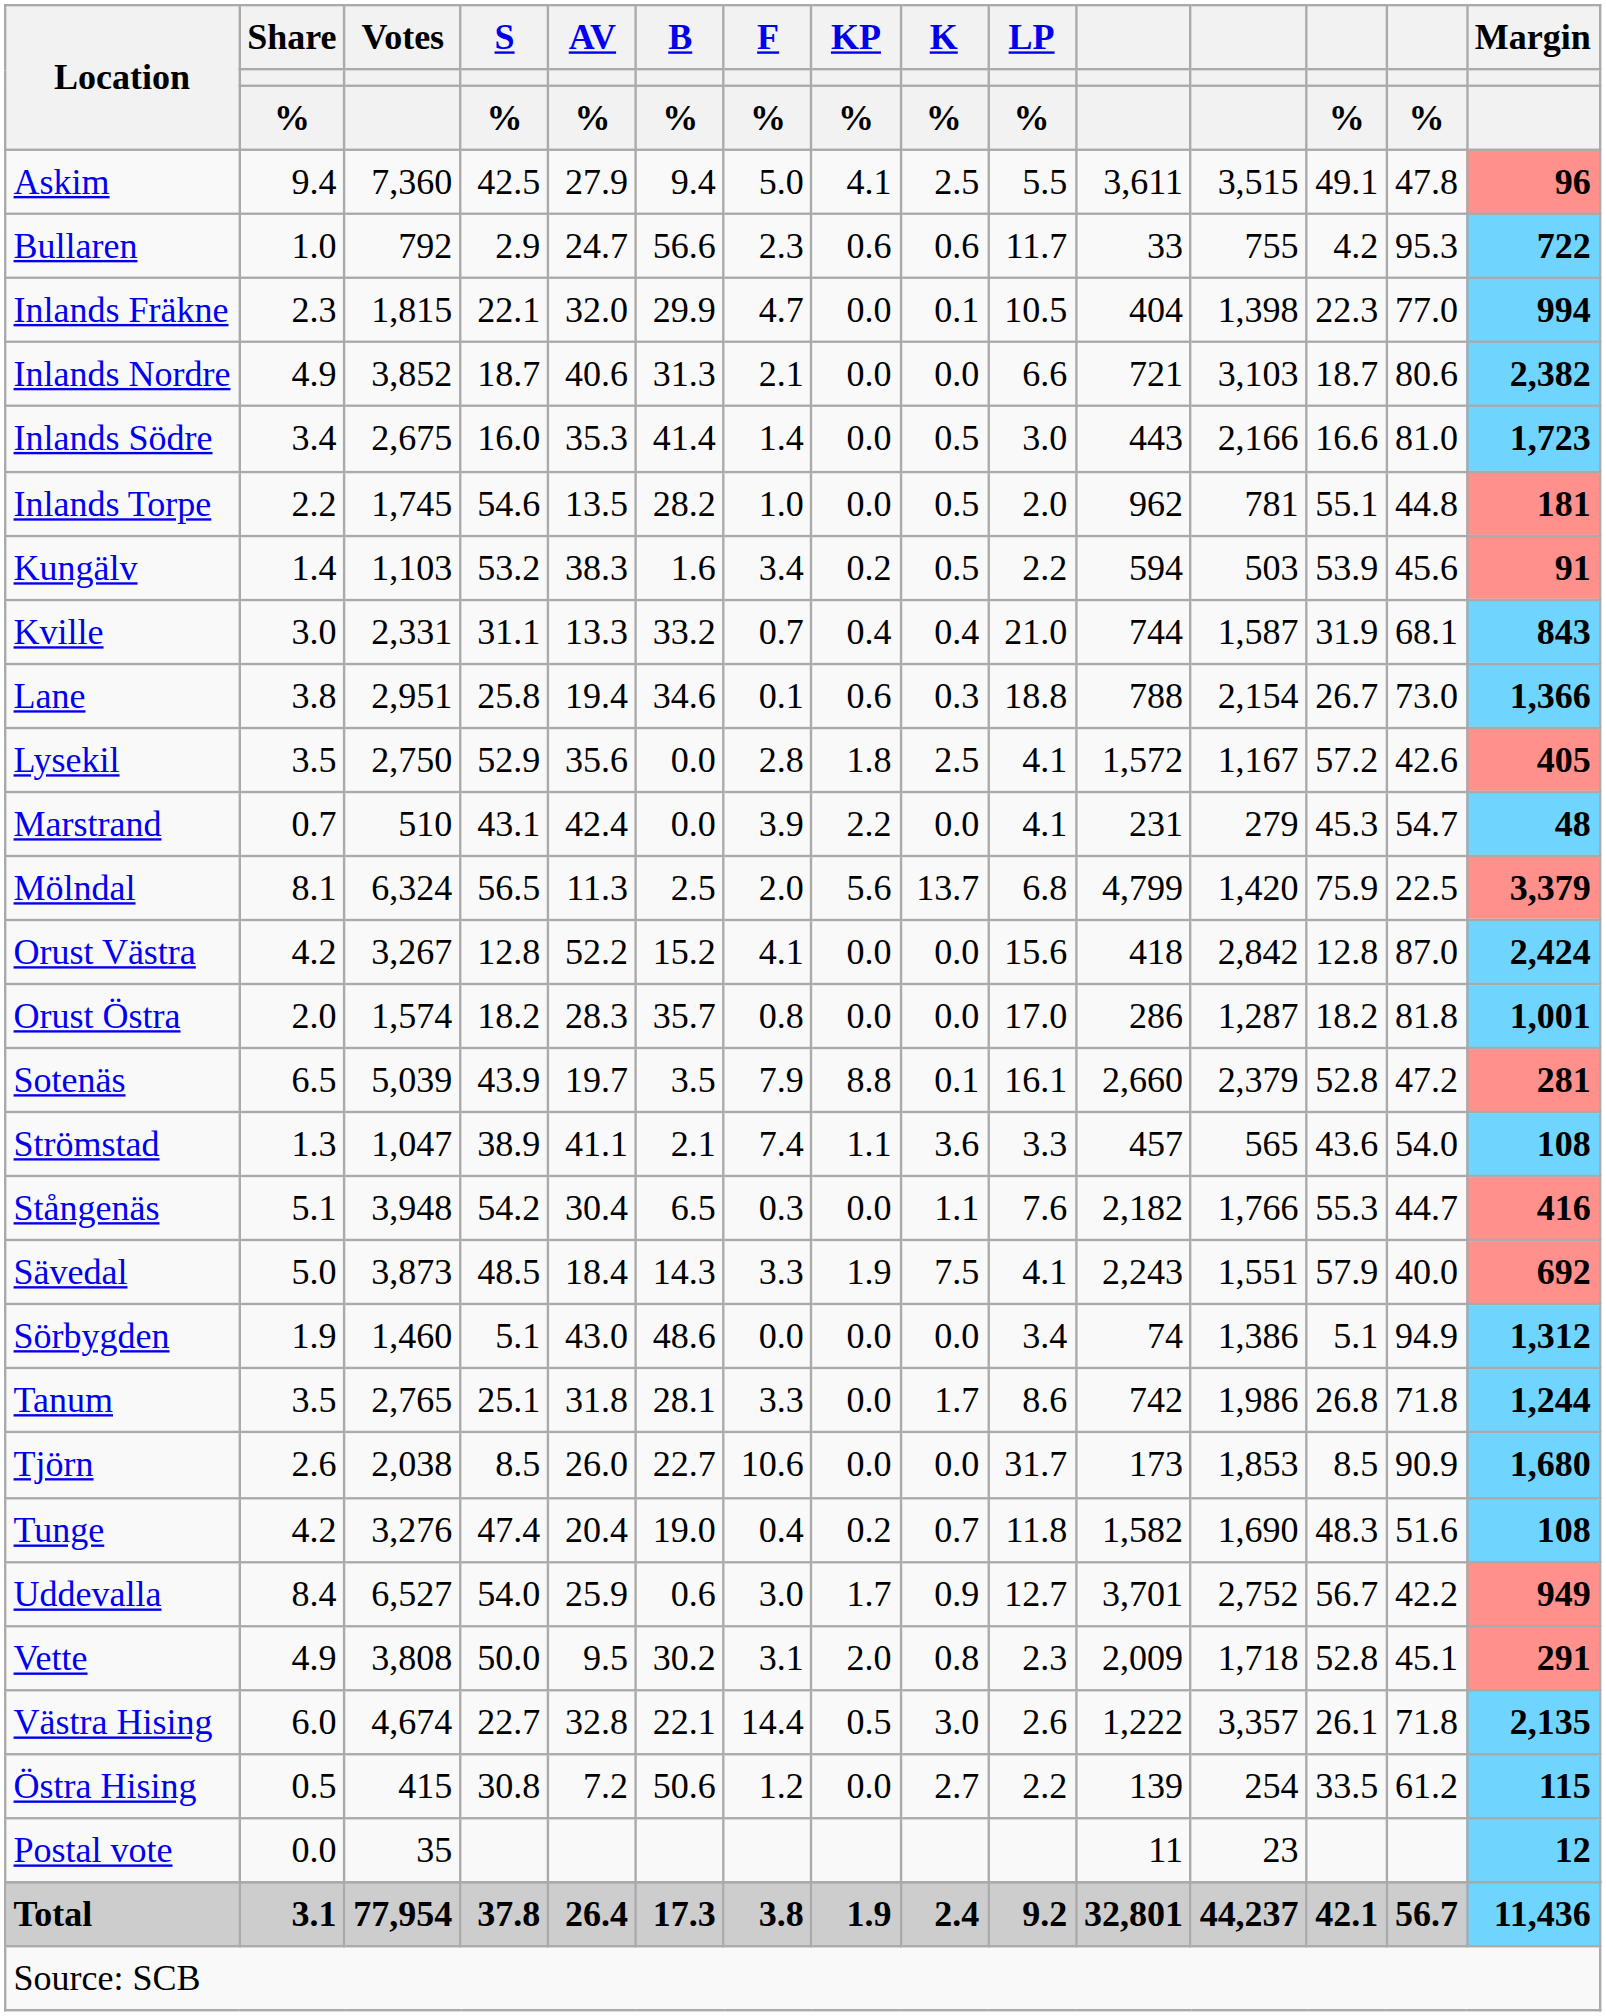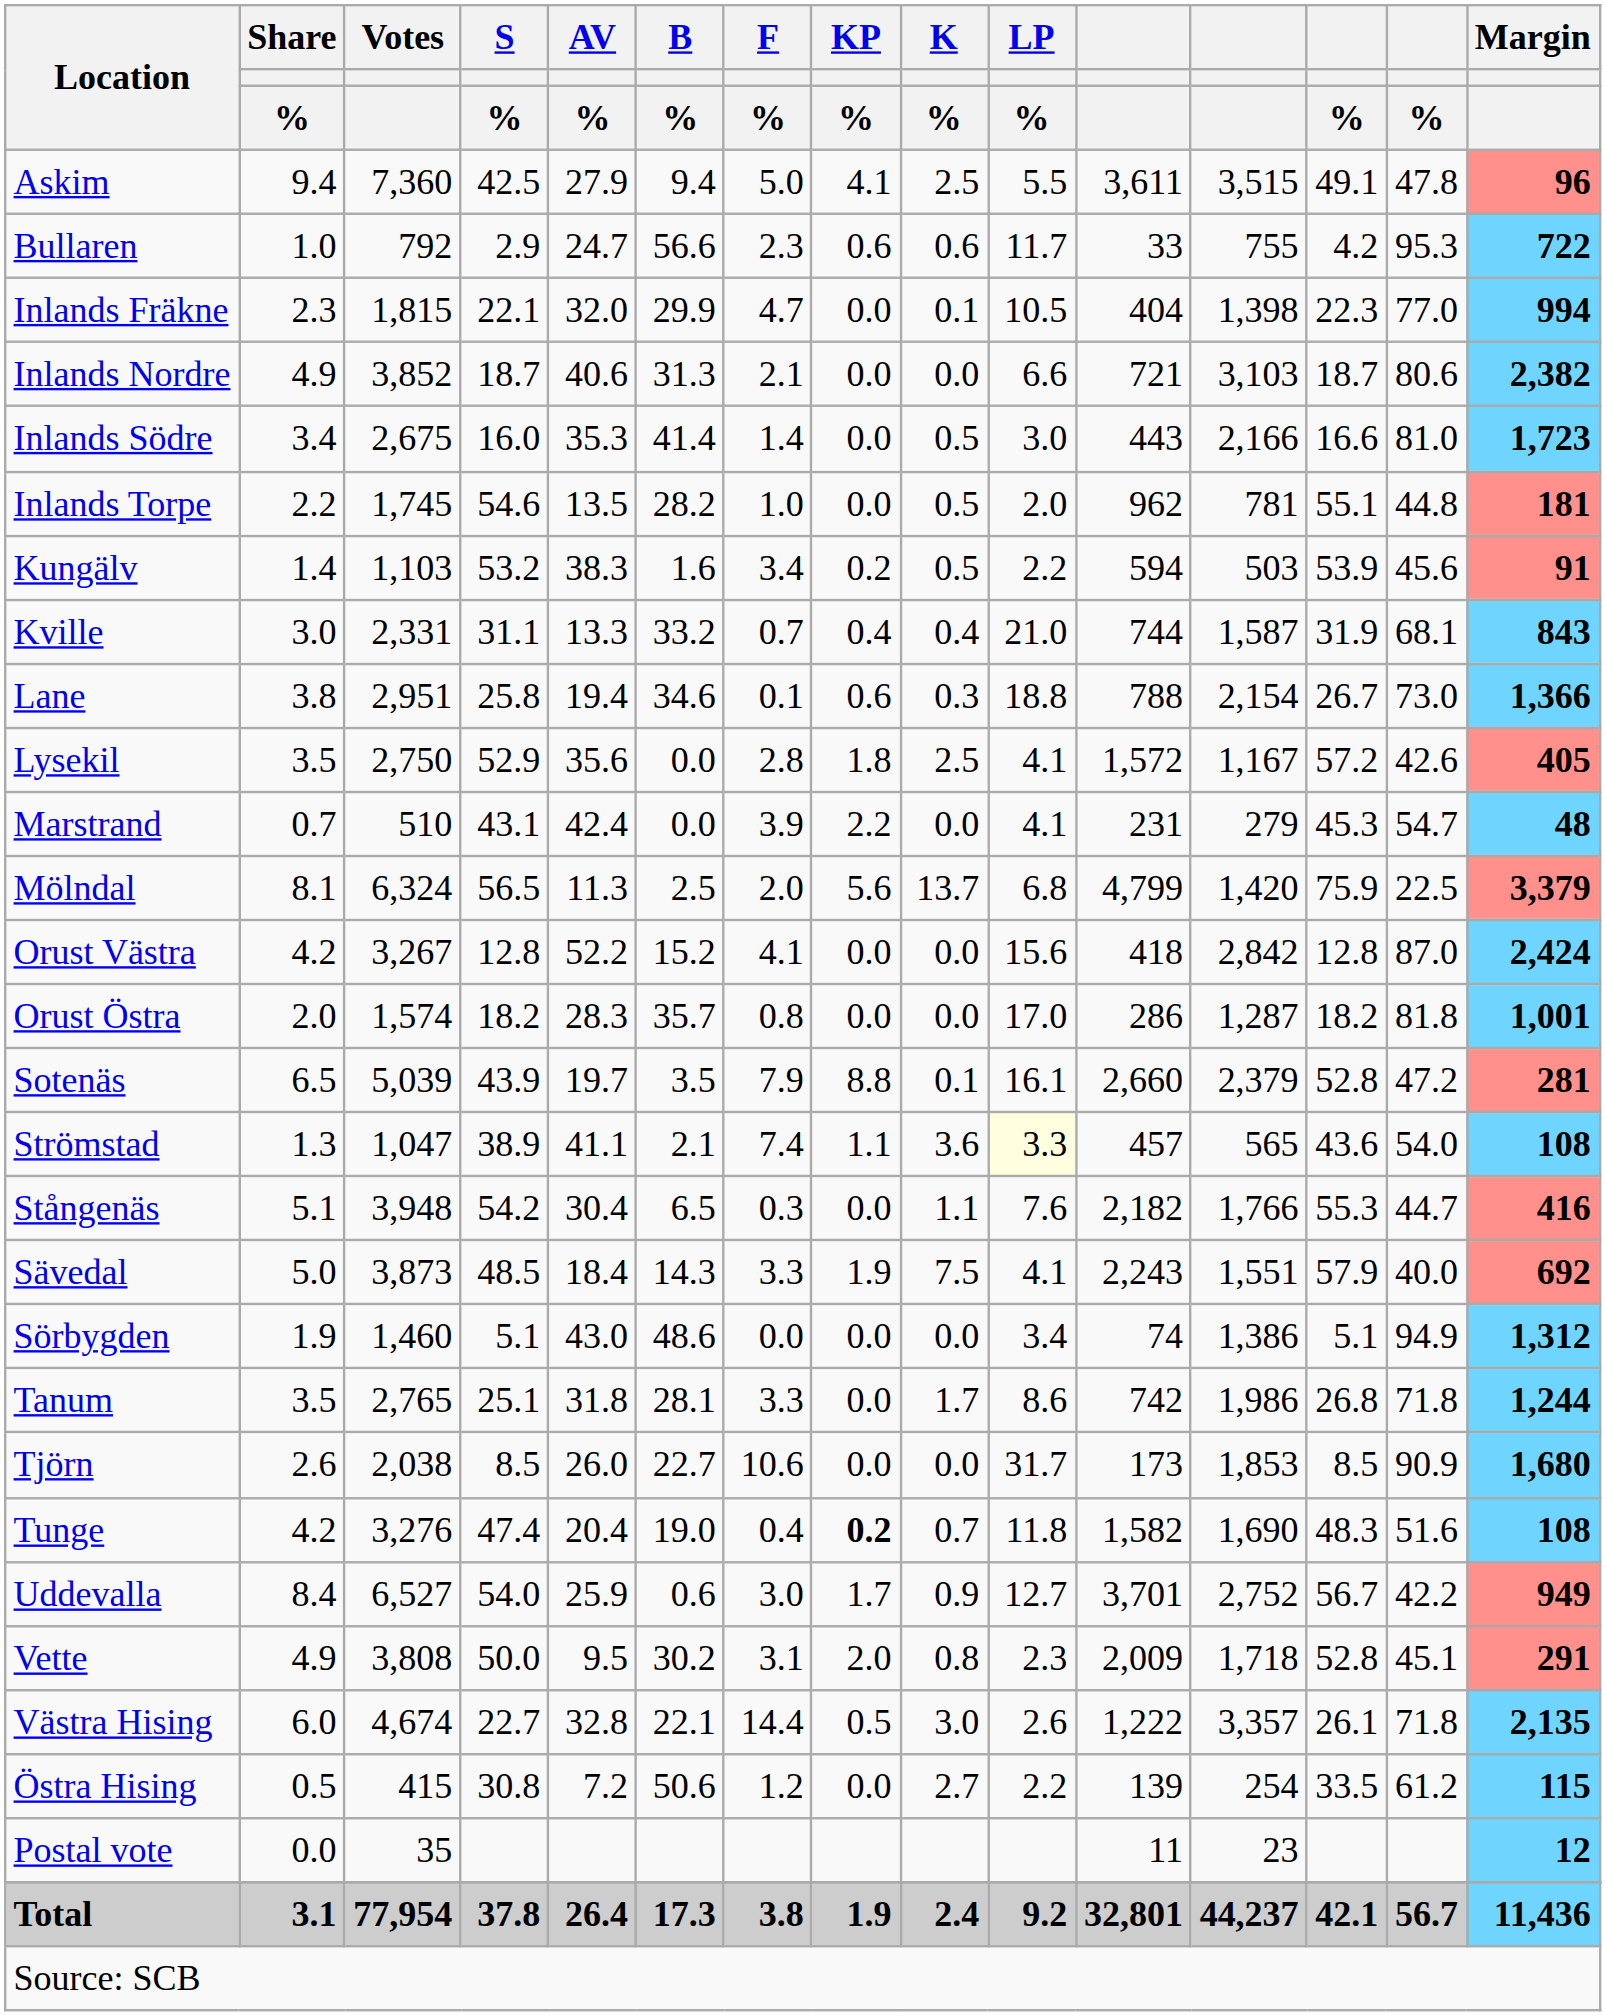 <table class="wikitable sortable" style="text-align:right; font-size:95%; line-height:20px;">
 <tr>
 <th rowspan="3">Location</th>
 <th>Share</th>
 <th>Votes</th>
 <th width="30px" class="unsortable"><a href='#'>S</a></th>
 <th width="30px" class="unsortable"><a href='#'>AV</a></th>
 <th width="30px" class="unsortable"><a href='#'>B</a></th>
 <th width="30px" class="unsortable"><a href='#'>F</a></th>
 <th width="30px" class="unsortable"><a href='#'>KP</a></th>
 <th width="30px" class="unsortable"><a href='#'>K</a></th>
 <th width="30px" class="unsortable"><a href='#'>LP</a></th>
 <th></th>
 <th></th>
 <th></th>
 <th></th>
 <th>Margin</th>
 </tr>
 <tr>
 <th></th>
 <th></th>
 <th style="background:"></th>
 <th style="background:"></th>
 <th style="background:"></th>
 <th style="background:"></th>
 <th style="background:"></th>
 <th style="background:"></th>
 <th style="background:"></th>
 <th style="background:"></th>
 <th style="background:"></th>
 <th style="background:"></th>
 <th style="background:"></th>
 <th></th>
 </tr>
 <tr>
 <th data-sort-type="number">%</th>
 <th></th>
 <th data-sort-type="number">%</th>
 <th data-sort-type="number">%</th>
 <th data-sort-type="number">%</th>
 <th data-sort-type="number">%</th>
 <th data-sort-type="number">%</th>
 <th data-sort-type="number">%</th>
 <th data-sort-type="number">%</th>
 <th></th>
 <th></th>
 <th data-sort-type="number">%</th>
 <th data-sort-type="number">%</th>
 <th></th>
 </tr>
 <tr>
 <td align=left><a href='#'>Askim</a></td>
 <td>9.4</td>
 <td>7,360</td>
 <td>42.5</td>
 <td>27.9</td>
 <td>9.4</td>
 <td>5.0</td>
 <td>4.1</td>
 <td>2.5</td>
 <td>5.5</td>
 <td>3,611</td>
 <td>3,515</td>
 <td>49.1</td>
 <td>47.8</td>
 <td bgcolor=#ff908c><strong>96</strong></td>
 </tr>
 <tr>
 <td align=left><a href='#'>Bullaren</a></td>
 <td>1.0</td>
 <td>792</td>
 <td>2.9</td>
 <td>24.7</td>
 <td>56.6</td>
 <td>2.3</td>
 <td>0.6</td>
 <td>0.6</td>
 <td>11.7</td>
 <td>33</td>
 <td>755</td>
 <td>4.2</td>
 <td>95.3</td>
 <td bgcolor=#6fd5fe><strong>722</strong></td>
 </tr>
 <tr>
 <td align=left><a href='#'>Inlands Fräkne</a></td>
 <td>2.3</td>
 <td>1,815</td>
 <td>22.1</td>
 <td>32.0</td>
 <td>29.9</td>
 <td>4.7</td>
 <td>0.0</td>
 <td>0.1</td>
 <td>10.5</td>
 <td>404</td>
 <td>1,398</td>
 <td>22.3</td>
 <td>77.0</td>
 <td bgcolor=#6fd5fe><strong>994</strong></td>
 </tr>
 <tr>
 <td align=left><a href='#'>Inlands Nordre</a></td>
 <td>4.9</td>
 <td>3,852</td>
 <td>18.7</td>
 <td>40.6</td>
 <td>31.3</td>
 <td>2.1</td>
 <td>0.0</td>
 <td>0.0</td>
 <td>6.6</td>
 <td>721</td>
 <td>3,103</td>
 <td>18.7</td>
 <td>80.6</td>
 <td bgcolor=#6fd5fe><strong>2,382</strong></td>
 </tr>
 <tr>
 <td align=left><a href='#'>Inlands Södre</a></td>
 <td>3.4</td>
 <td>2,675</td>
 <td>16.0</td>
 <td>35.3</td>
 <td>41.4</td>
 <td>1.4</td>
 <td>0.0</td>
 <td>0.5</td>
 <td>3.0</td>
 <td>443</td>
 <td>2,166</td>
 <td>16.6</td>
 <td>81.0</td>
 <td bgcolor=#6fd5fe><strong>1,723</strong></td>
 </tr>
 <tr>
 <td align=left><a href='#'>Inlands Torpe</a></td>
 <td>2.2</td>
 <td>1,745</td>
 <td>54.6</td>
 <td>13.5</td>
 <td>28.2</td>
 <td>1.0</td>
 <td>0.0</td>
 <td>0.5</td>
 <td>2.0</td>
 <td>962</td>
 <td>781</td>
 <td>55.1</td>
 <td>44.8</td>
 <td bgcolor=#ff908c><strong>181</strong></td>
 </tr>
 <tr>
 <td align=left><a href='#'>Kungälv</a></td>
 <td>1.4</td>
 <td>1,103</td>
 <td>53.2</td>
 <td>38.3</td>
 <td>1.6</td>
 <td>3.4</td>
 <td>0.2</td>
 <td>0.5</td>
 <td>2.2</td>
 <td>594</td>
 <td>503</td>
 <td>53.9</td>
 <td>45.6</td>
 <td bgcolor=#ff908c><strong>91</strong></td>
 </tr>
 <tr>
 <td align=left><a href='#'>Kville</a></td>
 <td>3.0</td>
 <td>2,331</td>
 <td>31.1</td>
 <td>13.3</td>
 <td>33.2</td>
 <td>0.7</td>
 <td>0.4</td>
 <td>0.4</td>
 <td>21.0</td>
 <td>744</td>
 <td>1,587</td>
 <td>31.9</td>
 <td>68.1</td>
 <td bgcolor=#6fd5fe><strong>843</strong></td>
 </tr>
 <tr>
 <td align=left><a href='#'>Lane</a></td>
 <td>3.8</td>
 <td>2,951</td>
 <td>25.8</td>
 <td>19.4</td>
 <td>34.6</td>
 <td>0.1</td>
 <td>0.6</td>
 <td>0.3</td>
 <td>18.8</td>
 <td>788</td>
 <td>2,154</td>
 <td>26.7</td>
 <td>73.0</td>
 <td bgcolor=#6fd5fe><strong>1,366</strong></td>
 </tr>
 <tr>
 <td align=left><a href='#'>Lysekil</a></td>
 <td>3.5</td>
 <td>2,750</td>
 <td>52.9</td>
 <td>35.6</td>
 <td>0.0</td>
 <td>2.8</td>
 <td>1.8</td>
 <td>2.5</td>
 <td>4.1</td>
 <td>1,572</td>
 <td>1,167</td>
 <td>57.2</td>
 <td>42.6</td>
 <td bgcolor=#ff908c><strong>405</strong></td>
 </tr>
 <tr>
 <td align=left><a href='#'>Marstrand</a></td>
 <td>0.7</td>
 <td>510</td>
 <td>43.1</td>
 <td>42.4</td>
 <td>0.0</td>
 <td>3.9</td>
 <td>2.2</td>
 <td>0.0</td>
 <td>4.1</td>
 <td>231</td>
 <td>279</td>
 <td>45.3</td>
 <td>54.7</td>
 <td bgcolor=#6fd5fe><strong>48</strong></td>
 </tr>
 <tr>
 <td align=left><a href='#'>Mölndal</a></td>
 <td>8.1</td>
 <td>6,324</td>
 <td>56.5</td>
 <td>11.3</td>
 <td>2.5</td>
 <td>2.0</td>
 <td>5.6</td>
 <td>13.7</td>
 <td>6.8</td>
 <td>4,799</td>
 <td>1,420</td>
 <td>75.9</td>
 <td>22.5</td>
 <td bgcolor=#ff908c><strong>3,379</strong></td>
 </tr>
 <tr>
 <td align=left><a href='#'>Orust Västra</a></td>
 <td>4.2</td>
 <td>3,267</td>
 <td>12.8</td>
 <td>52.2</td>
 <td>15.2</td>
 <td>4.1</td>
 <td>0.0</td>
 <td>0.0</td>
 <td>15.6</td>
 <td>418</td>
 <td>2,842</td>
 <td>12.8</td>
 <td>87.0</td>
 <td bgcolor=#6fd5fe><strong>2,424</strong></td>
 </tr>
 <tr>
 <td align=left><a href='#'>Orust Östra</a></td>
 <td>2.0</td>
 <td>1,574</td>
 <td>18.2</td>
 <td>28.3</td>
 <td>35.7</td>
 <td>0.8</td>
 <td>0.0</td>
 <td>0.0</td>
 <td>17.0</td>
 <td>286</td>
 <td>1,287</td>
 <td>18.2</td>
 <td>81.8</td>
 <td bgcolor=#6fd5fe><strong>1,001</strong></td>
 </tr>
 <tr>
 <td align=left><a href='#'>Sotenäs</a></td>
 <td>6.5</td>
 <td>5,039</td>
 <td>43.9</td>
 <td>19.7</td>
 <td>3.5</td>
 <td>7.9</td>
 <td>8.8</td>
 <td>0.1</td>
 <td>16.1</td>
 <td>2,660</td>
 <td>2,379</td>
 <td>52.8</td>
 <td>47.2</td>
 <td bgcolor=#ff908c><strong>281</strong></td>
 </tr>
 <tr>
 <td align=left><a href='#'>Strömstad</a></td>
 <td>1.3</td>
 <td>1,047</td>
 <td>38.9</td>
 <td>41.1</td>
 <td>2.1</td>
 <td>7.4</td>
 <td>1.1</td>
 <td>3.6</td>
-<td>3.3</td>
+<td style="background: lightyellow;">3.3</td>
 <td>457</td>
 <td>565</td>
 <td>43.6</td>
 <td>54.0</td>
 <td bgcolor=#6fd5fe><strong>108</strong></td>
 </tr>
 <tr>
 <td align=left><a href='#'>Stångenäs</a></td>
 <td>5.1</td>
 <td>3,948</td>
 <td>54.2</td>
 <td>30.4</td>
 <td>6.5</td>
 <td>0.3</td>
 <td>0.0</td>
 <td>1.1</td>
 <td>7.6</td>
 <td>2,182</td>
 <td>1,766</td>
 <td>55.3</td>
 <td>44.7</td>
 <td bgcolor=#ff908c><strong>416</strong></td>
 </tr>
 <tr>
 <td align=left><a href='#'>Sävedal</a></td>
 <td>5.0</td>
 <td>3,873</td>
 <td>48.5</td>
 <td>18.4</td>
 <td>14.3</td>
 <td>3.3</td>
 <td>1.9</td>
 <td>7.5</td>
 <td>4.1</td>
 <td>2,243</td>
 <td>1,551</td>
 <td>57.9</td>
 <td>40.0</td>
 <td bgcolor=#ff908c><strong>692</strong></td>
 </tr>
 <tr>
 <td align=left><a href='#'>Sörbygden</a></td>
 <td>1.9</td>
 <td>1,460</td>
 <td>5.1</td>
 <td>43.0</td>
 <td>48.6</td>
 <td>0.0</td>
 <td>0.0</td>
 <td>0.0</td>
 <td>3.4</td>
 <td>74</td>
 <td>1,386</td>
 <td>5.1</td>
 <td>94.9</td>
 <td bgcolor=#6fd5fe><strong>1,312</strong></td>
 </tr>
 <tr>
 <td align=left><a href='#'>Tanum</a></td>
 <td>3.5</td>
 <td>2,765</td>
 <td>25.1</td>
 <td>31.8</td>
 <td>28.1</td>
 <td>3.3</td>
 <td>0.0</td>
 <td>1.7</td>
 <td>8.6</td>
 <td>742</td>
 <td>1,986</td>
 <td>26.8</td>
 <td>71.8</td>
 <td bgcolor=#6fd5fe><strong>1,244</strong></td>
 </tr>
 <tr>
 <td align=left><a href='#'>Tjörn</a></td>
 <td>2.6</td>
 <td>2,038</td>
 <td>8.5</td>
 <td>26.0</td>
 <td>22.7</td>
 <td>10.6</td>
 <td>0.0</td>
 <td>0.0</td>
 <td>31.7</td>
 <td>173</td>
 <td>1,853</td>
 <td>8.5</td>
 <td>90.9</td>
 <td bgcolor=#6fd5fe><strong>1,680</strong></td>
 </tr>
 <tr>
 <td align=left><a href='#'>Tunge</a></td>
 <td>4.2</td>
 <td>3,276</td>
 <td>47.4</td>
 <td>20.4</td>
 <td>19.0</td>
 <td>0.4</td>
-<td>0.2</td>
+<td><strong>0.2</strong></td>
 <td>0.7</td>
 <td>11.8</td>
 <td>1,582</td>
 <td>1,690</td>
 <td>48.3</td>
 <td>51.6</td>
 <td bgcolor=#6fd5fe><strong>108</strong></td>
 </tr>
 <tr>
 <td align=left><a href='#'>Uddevalla</a></td>
 <td>8.4</td>
 <td>6,527</td>
 <td>54.0</td>
 <td>25.9</td>
 <td>0.6</td>
 <td>3.0</td>
 <td>1.7</td>
 <td>0.9</td>
 <td>12.7</td>
 <td>3,701</td>
 <td>2,752</td>
 <td>56.7</td>
 <td>42.2</td>
 <td bgcolor=#ff908c><strong>949</strong></td>
 </tr>
 <tr>
 <td align=left><a href='#'>Vette</a></td>
 <td>4.9</td>
 <td>3,808</td>
 <td>50.0</td>
 <td>9.5</td>
 <td>30.2</td>
 <td>3.1</td>
 <td>2.0</td>
 <td>0.8</td>
 <td>2.3</td>
 <td>2,009</td>
 <td>1,718</td>
 <td>52.8</td>
 <td>45.1</td>
 <td bgcolor=#ff908c><strong>291</strong></td>
 </tr>
 <tr>
 <td align=left><a href='#'>Västra Hising</a></td>
 <td>6.0</td>
 <td>4,674</td>
 <td>22.7</td>
 <td>32.8</td>
 <td>22.1</td>
 <td>14.4</td>
 <td>0.5</td>
 <td>3.0</td>
 <td>2.6</td>
 <td>1,222</td>
 <td>3,357</td>
 <td>26.1</td>
 <td>71.8</td>
 <td bgcolor=#6fd5fe><strong>2,135</strong></td>
 </tr>
 <tr>
 <td align=left><a href='#'>Östra Hising</a></td>
 <td>0.5</td>
 <td>415</td>
 <td>30.8</td>
 <td>7.2</td>
 <td>50.6</td>
 <td>1.2</td>
 <td>0.0</td>
 <td>2.7</td>
 <td>2.2</td>
 <td>139</td>
 <td>254</td>
 <td>33.5</td>
 <td>61.2</td>
 <td bgcolor=#6fd5fe><strong>115</strong></td>
 </tr>
 <tr>
 <td align=left><a href='#'>Postal vote</a></td>
 <td>0.0</td>
 <td>35</td>
 <td></td>
 <td></td>
 <td></td>
 <td></td>
 <td></td>
 <td></td>
 <td></td>
 <td>11</td>
 <td>23</td>
 <td></td>
 <td></td>
 <td bgcolor=#6fd5fe><strong>12</strong></td>
 </tr>
 <tr>
 </tr>
 <tr style="background:#CDCDCD;">
 <td align=left><strong>Total</strong></td>
 <td><strong>3.1</strong></td>
 <td><strong>77,954</strong></td>
 <td><strong>37.8</strong></td>
 <td><strong>26.4</strong></td>
 <td><strong>17.3</strong></td>
 <td><strong>3.8</strong></td>
 <td><strong>1.9</strong></td>
 <td><strong>2.4</strong></td>
 <td><strong>9.2</strong></td>
 <td><strong>32,801</strong></td>
 <td><strong>44,237</strong></td>
 <td><strong>42.1</strong></td>
 <td><strong>56.7</strong></td>
 <td bgcolor=#6fd5fe><strong>11,436</strong></td>
 </tr>
 <tr>
 <td align=left colspan=15>Source: SCB </td>
 </tr>
 </table>
